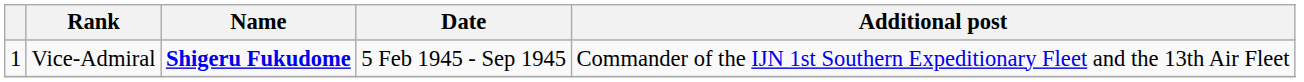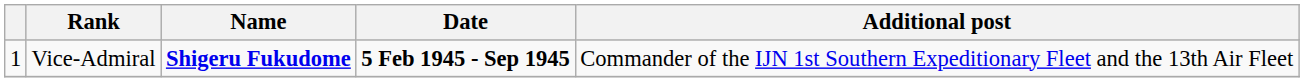 <table class=wikitable>
 <tr>
 <th></th>
 <th>Rank</th>
 <th>Name</th>
 <th>Date</th>
 <th>Additional post</th>
 </tr>
 <tr>
 <td>1</td>
 <td>Vice-Admiral</td>
 <td><strong><a href='#'>Shigeru Fukudome</a></strong></td>
-<td>5 Feb 1945 - Sep 1945</td>
+<td><strong>5 Feb 1945 - Sep 1945</strong></td>
 <td>Commander of the <a href='#'>IJN 1st Southern Expeditionary Fleet</a> and the 13th Air Fleet</td>
 </tr>
 <tr>
 </tr>
 </table>
